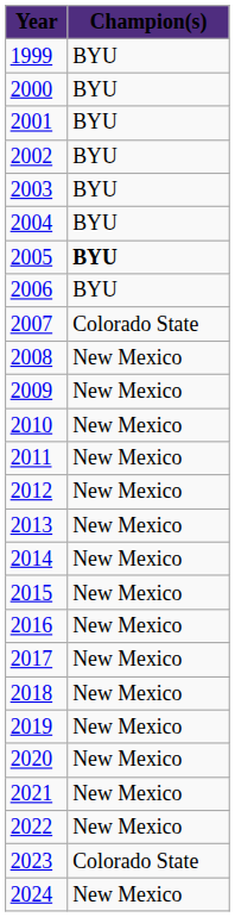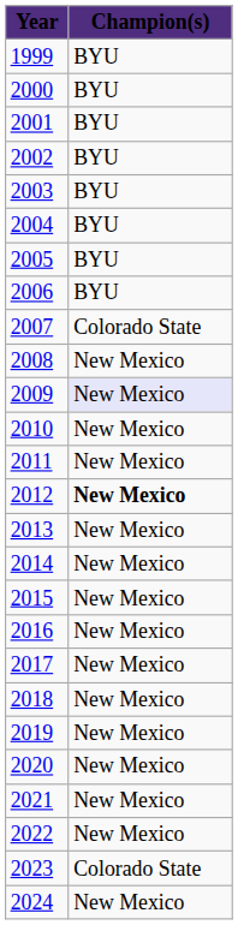 <table class="wikitable">
 <tr>
 <th style="background:#4F2D7F;" scope="col" width="40px"><span> Year</span></th>
 <th style="background:#4F2D7F;" scope="col" width="115px"><span> Champion(s)</span></th>
 </tr>
 <tr>
 <td><a href='#'>1999</a></td>
 <td>BYU</td>
 </tr>
 <tr>
 <td><a href='#'>2000</a></td>
 <td>BYU</td>
 </tr>
 <tr>
 <td><a href='#'>2001</a></td>
 <td>BYU</td>
 </tr>
 <tr>
 <td><a href='#'>2002</a></td>
 <td>BYU</td>
 </tr>
 <tr>
 <td><a href='#'>2003</a></td>
 <td>BYU</td>
 </tr>
 <tr>
 <td><a href='#'>2004</a></td>
 <td>BYU</td>
 </tr>
 <tr>
 <td><a href='#'>2005</a></td>
-<td><strong>BYU</strong></td>
+<td>BYU</td>
 </tr>
 <tr>
 <td><a href='#'>2006</a></td>
 <td>BYU</td>
 </tr>
 <tr>
 <td><a href='#'>2007</a></td>
 <td>Colorado State</td>
 </tr>
 <tr>
 <td><a href='#'>2008</a></td>
 <td>New Mexico</td>
 </tr>
 <tr>
 <td><a href='#'>2009</a></td>
-<td>New Mexico</td>
+<td style="background: lavender;">New Mexico</td>
 </tr>
 <tr>
 <td><a href='#'>2010</a></td>
 <td>New Mexico</td>
 </tr>
 <tr>
 <td><a href='#'>2011</a></td>
 <td>New Mexico</td>
 </tr>
 <tr>
 <td><a href='#'>2012</a></td>
-<td>New Mexico</td>
+<td><strong>New Mexico</strong></td>
 </tr>
 <tr>
 <td><a href='#'>2013</a></td>
 <td>New Mexico</td>
 </tr>
 <tr>
 <td><a href='#'>2014</a></td>
 <td>New Mexico</td>
 </tr>
 <tr>
 <td><a href='#'>2015</a></td>
 <td>New Mexico</td>
 </tr>
 <tr>
 <td><a href='#'>2016</a></td>
 <td>New Mexico</td>
 </tr>
 <tr>
 <td><a href='#'>2017</a></td>
 <td>New Mexico</td>
 </tr>
 <tr>
 <td><a href='#'>2018</a></td>
 <td>New Mexico</td>
 </tr>
 <tr>
 <td><a href='#'>2019</a></td>
 <td>New Mexico</td>
 </tr>
 <tr>
 <td><a href='#'>2020</a></td>
 <td>New Mexico</td>
 </tr>
 <tr>
 <td><a href='#'>2021</a></td>
 <td>New Mexico</td>
 </tr>
 <tr>
 <td><a href='#'>2022</a></td>
 <td>New Mexico</td>
 </tr>
 <tr>
 <td><a href='#'>2023</a></td>
 <td>Colorado State</td>
 </tr>
 <tr>
 <td><a href='#'>2024</a></td>
 <td>New Mexico</td>
 </tr>
 </table>
